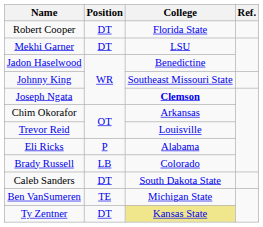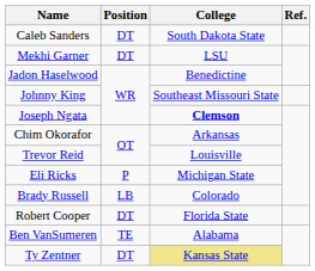 <table class="wikitable" style="text-align:center">
 <tr>
 <th>Name</th>
 <th>Position</th>
 <th>College</th>
 <th>Ref.</th>
 </tr>
 <tr>
-<td>Robert Cooper</td>
+<td>Caleb Sanders</td>
 <td><a href='#'>DT</a></td>
-<td><a href='#'>Florida State</a></td>
+<td><a href='#'>South Dakota State</a></td>
 <td></td>
 </tr>
 <tr>
 <td><a href='#'>Mekhi Garner</a></td>
 <td><a href='#'>DT</a></td>
 <td><a href='#'>LSU</a></td>
 <td rowspan="2"></td>
 </tr>
 <tr>
 <td><a href='#'>Jadon Haselwood</a></td>
 <td rowspan="3"><a href='#'>WR</a></td>
 <td><a href='#'>Benedictine</a></td>
 </tr>
 <tr>
 <td><a href='#'>Johnny King</a></td>
 <td><a href='#'>Southeast Missouri State</a></td>
 <td></td>
 </tr>
 <tr>
 <td><a href='#'>Joseph Ngata</a></td>
 <td><strong><a href='#'>Clemson</a></strong></td>
 <td rowspan="5"></td>
 </tr>
 <tr>
 <td>Chim Okorafor</td>
 <td rowspan="2"><a href='#'>OT</a></td>
 <td><a href='#'>Arkansas</a></td>
 </tr>
 <tr>
 <td><a href='#'>Trevor Reid</a></td>
 <td><a href='#'>Louisville</a></td>
 </tr>
 <tr>
 <td><a href='#'>Eli Ricks</a></td>
 <td><a href='#'>P</a></td>
-<td><a href='#'>Alabama</a></td>
+<td><a href='#'>Michigan State</a></td>
 </tr>
 <tr>
 <td><a href='#'>Brady Russell</a></td>
 <td><a href='#'>LB</a></td>
 <td><a href='#'>Colorado</a></td>
 </tr>
 <tr>
-<td>Caleb Sanders</td>
+<td>Robert Cooper</td>
 <td><a href='#'>DT</a></td>
-<td><a href='#'>South Dakota State</a></td>
+<td><a href='#'>Florida State</a></td>
 <td></td>
 </tr>
 <tr>
 <td><a href='#'>Ben VanSumeren</a></td>
 <td><a href='#'>TE</a></td>
-<td><a href='#'>Michigan State</a></td>
+<td><a href='#'>Alabama</a></td>
 <td rowspan="2"></td>
 </tr>
 <tr>
 <td><a href='#'>Ty Zentner</a></td>
 <td><a href='#'>DT</a></td>
 <td style="background: khaki;"><a href='#'>Kansas State</a></td>
 </tr>
 </table>
